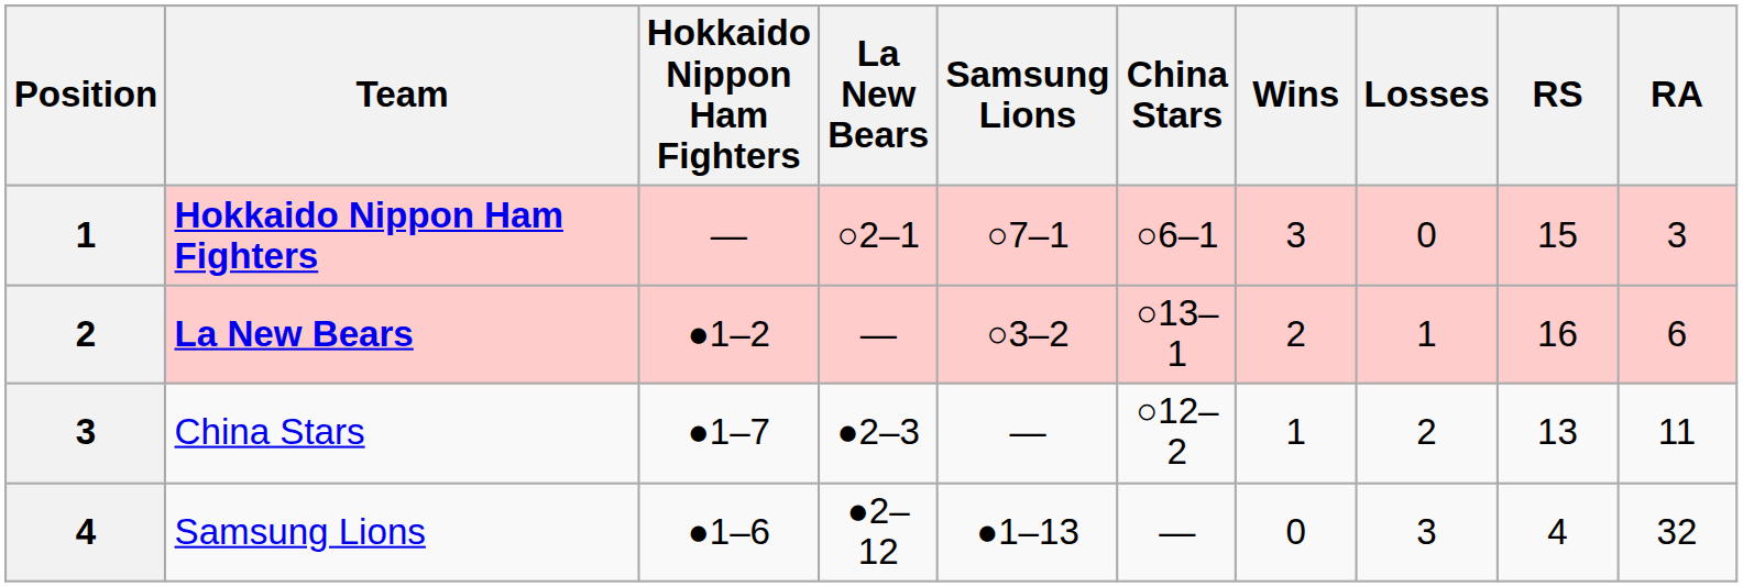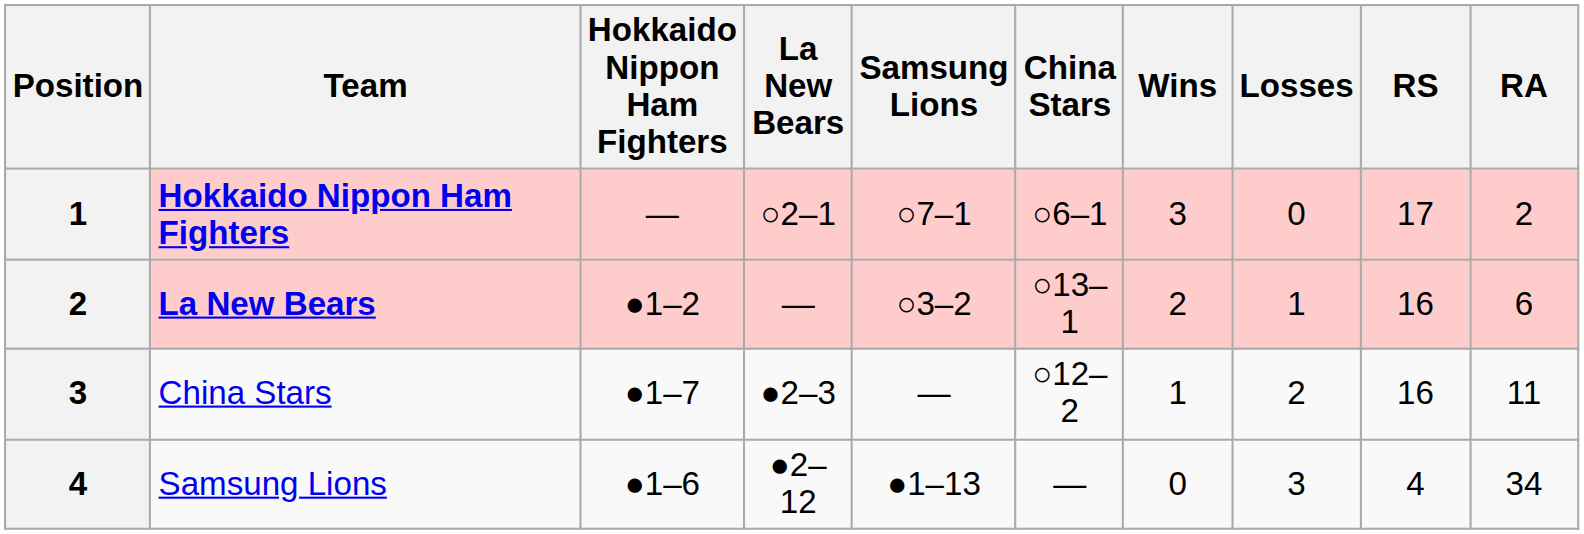 <table class="wikitable">
 <tr>
 <th>Position</th>
 <th width="200">Team</th>
 <th width="35">Hokkaido Nippon Ham Fighters</th>
 <th width="35">La New Bears</th>
 <th width="35">Samsung Lions</th>
 <th width="35">China Stars</th>
 <th width="45">Wins</th>
 <th width="45">Losses</th>
 <th width="45">RS</th>
 <th width="45">RA</th>
 </tr>
 <tr bgcolor="ffcccc">
 <th>1</th>
 <td><strong><a href='#'>Hokkaido Nippon Ham Fighters</a></strong></td>
 <td align="center">—</td>
 <td align="center">○2–1</td>
 <td align="center">○7–1</td>
 <td align="center">○6–1</td>
 <td align="center">3</td>
 <td align="center">0</td>
-<td align="center">15</td>
-<td align="center">3</td>
+<td align="center">17</td>
+<td align="center">2</td>
 </tr>
 <tr bgcolor="ffcccc">
 <th>2</th>
 <td><strong><a href='#'>La New Bears</a></strong></td>
 <td align="center">●1–2</td>
 <td align="center">—</td>
 <td align="center">○3–2</td>
 <td align="center">○13–1</td>
 <td align="center">2</td>
 <td align="center">1</td>
 <td align="center">16</td>
 <td align="center">6</td>
 </tr>
 <tr>
 <th>3</th>
 <td><a href='#'>China Stars</a></td>
 <td align="center">●1–7</td>
 <td align="center">●2–3</td>
 <td align="center">—</td>
 <td align="center">○12–2</td>
 <td align="center">1</td>
 <td align="center">2</td>
-<td align="center">13</td>
+<td align="center">16</td>
 <td align="center">11</td>
 </tr>
 <tr>
 <th>4</th>
 <td><a href='#'>Samsung Lions</a></td>
 <td align="center">●1–6</td>
 <td align="center">●2–12</td>
 <td align="center">●1–13</td>
 <td align="center">—</td>
 <td align="center">0</td>
 <td align="center">3</td>
 <td align="center">4</td>
-<td align="center">32</td>
+<td align="center">34</td>
 </tr>
 </table>
